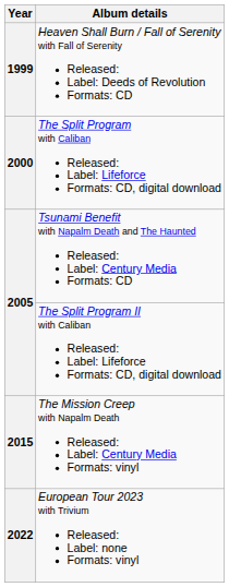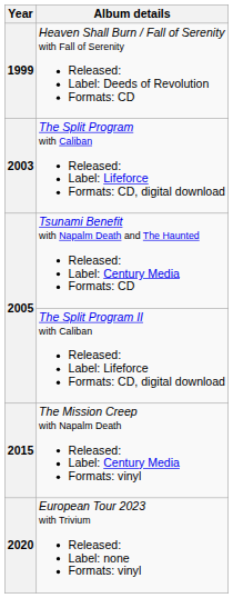 <table class="wikitable plainrowheaders" style="text-align:center;">
 <tr>
 <th>Year</th>
 <th>Album details</th>
 </tr>
 <tr>
 <th scope="row">1999</th>
 <td align=left><em>Heaven Shall Burn / Fall of Serenity</em><br><small>with Fall of Serenity</small><ul><li>Released: </li><li>Label: Deeds of Revolution</li><li>Formats: CD</li></ul></td>
 </tr>
 <tr>
-<th scope="row">2000</th>
+<th scope="row">2003</th>
 <td align=left><em><a href='#'>The Split Program</a></em><br><small>with <a href='#'>Caliban</a></small><ul><li>Released: </li><li>Label: <a href='#'>Lifeforce</a></li><li>Formats: CD, digital download</li></ul></td>
 </tr>
 <tr>
 <th scope="row" rowspan="2">2005</th>
 <td align=left><em><a href='#'>Tsunami Benefit</a></em><br><small>with <a href='#'>Napalm Death</a> and <a href='#'>The Haunted</a></small><ul><li>Released: </li><li>Label: <a href='#'>Century Media</a></li><li>Formats: CD</li></ul></td>
 </tr>
 <tr>
 <td align=left><em><a href='#'>The Split Program II</a></em><br><small>with Caliban</small><ul><li>Released: </li><li>Label: Lifeforce</li><li>Formats: CD, digital download</li></ul></td>
 </tr>
 <tr>
 <th scope="row">2015</th>
 <td align=left><em>The Mission Creep</em><br><small>with Napalm Death</small><ul><li>Released: </li><li>Label: <a href='#'>Century Media</a></li><li>Formats: vinyl</li></ul></td>
 </tr>
 <tr>
-<th scope="row">2022</th>
+<th scope="row">2020</th>
 <td align=left><em>European Tour 2023</em><br><small>with Trivium</small><ul><li>Released: </li><li>Label: none</li><li>Formats: vinyl</li></ul></td>
 </tr>
 </table>
